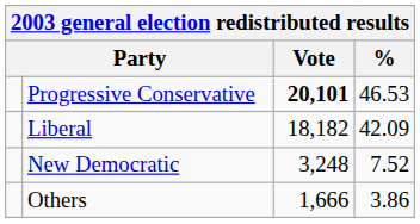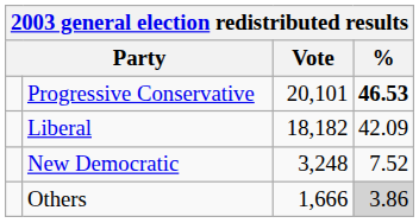 <table class="wikitable">
 <tr>
 <th colspan="4"><a href='#'>2003 general election</a> redistributed results</th>
 </tr>
 <tr>
 <th bgcolor="#DDDDFF" width="130px" colspan="2">Party</th>
 <th bgcolor="#DDDDFF" width="50px">Vote</th>
 <th bgcolor="#DDDDFF" width="30px">%</th>
 </tr>
 <tr>
 <td> </td>
 <td><a href='#'>Progressive Conservative</a></td>
-<td align=right><strong>20,101</strong></td>
-<td align=right>46.53</td>
+<td align=right>20,101</td>
+<td align=right><strong>46.53</strong></td>
 </tr>
 <tr>
 <td> </td>
 <td><a href='#'>Liberal</a></td>
 <td align=right>18,182</td>
 <td align=right>42.09</td>
 </tr>
 <tr>
 <td> </td>
 <td><a href='#'>New Democratic</a></td>
 <td align=right>3,248</td>
 <td align=right>7.52</td>
 </tr>
 <tr>
 <td> </td>
 <td>Others</td>
 <td align=right>1,666</td>
-<td align=right>3.86</td>
+<td align=right style="background: lightgrey;">3.86</td>
 </tr>
 </table>
